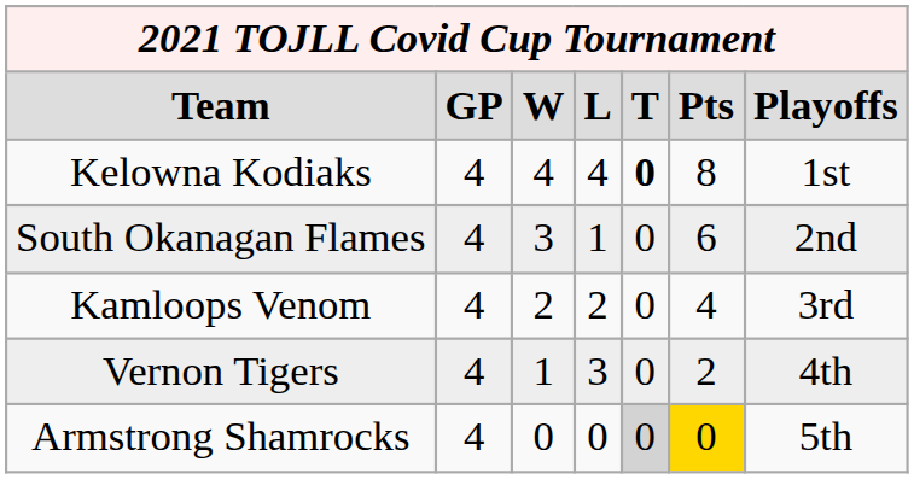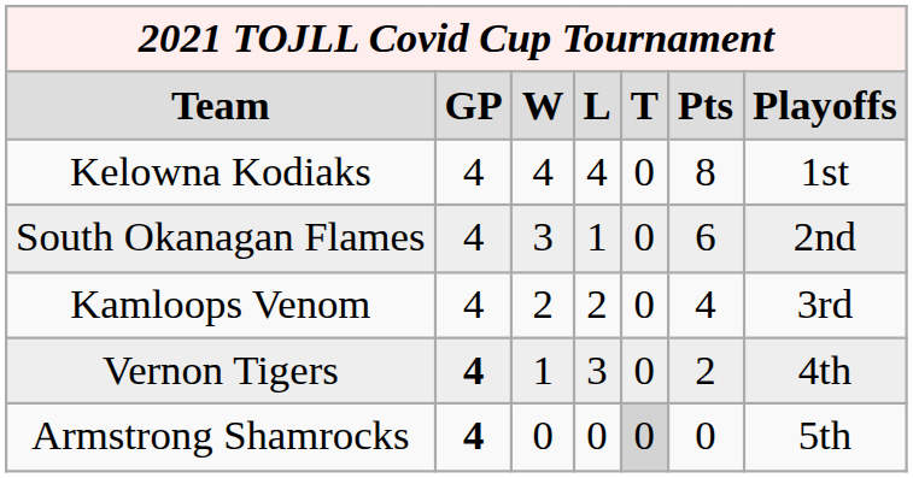 <table class="wikitable">
 <tr align="center" bgcolor="#ffeeee">
 <td colspan="9"><strong><em> 2021 TOJLL Covid Cup Tournament</em></strong></td>
 </tr>
 <tr align="center"  bgcolor="#dddddd">
 <td><strong>Team </strong></td>
 <td><strong> GP </strong></td>
 <td><strong> W </strong></td>
 <td><strong> L </strong></td>
 <td><strong> T </strong></td>
 <td><strong>Pts</strong></td>
 <td><strong>Playoffs</strong></td>
 </tr>
 <tr align="center">
 <td>Kelowna Kodiaks</td>
 <td>4</td>
 <td>4</td>
 <td>4</td>
-<td><strong>0</strong></td>
+<td>0</td>
 <td>8</td>
 <td>1st</td>
 </tr>
 <tr align="center" bgcolor="#eeeeee">
 <td>South Okanagan Flames</td>
 <td>4</td>
 <td>3</td>
 <td>1</td>
 <td>0</td>
 <td>6</td>
 <td>2nd</td>
 </tr>
 <tr align="center">
 <td>Kamloops Venom</td>
 <td>4</td>
 <td>2</td>
 <td>2</td>
 <td>0</td>
 <td>4</td>
 <td>3rd</td>
 </tr>
 <tr align="center" bgcolor="#eeeeee">
 <td>Vernon Tigers</td>
-<td>4</td>
+<td><strong>4</strong></td>
 <td>1</td>
 <td>3</td>
 <td>0</td>
 <td>2</td>
 <td>4th</td>
 </tr>
 <tr align="center">
 <td>Armstrong Shamrocks</td>
-<td>4</td>
+<td><strong>4</strong></td>
 <td>0</td>
 <td>0</td>
 <td style="background: lightgrey;">0</td>
-<td style="background: gold;">0</td>
+<td>0</td>
 <td>5th</td>
 </tr>
 </table>
